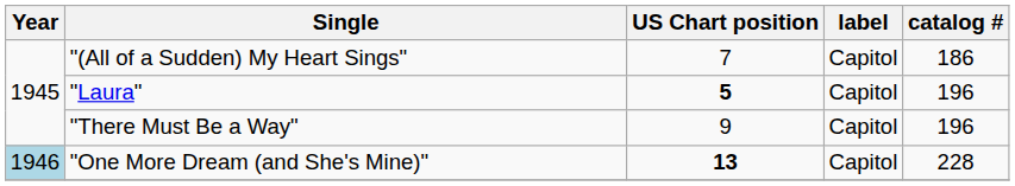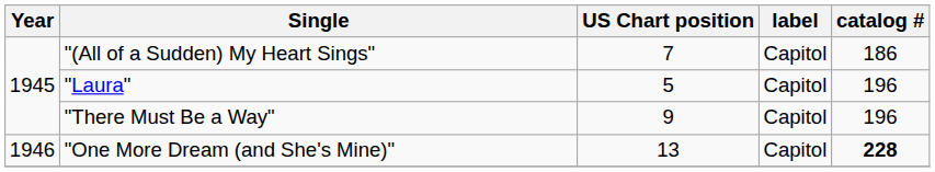 <table class="wikitable" style="text-align:center;">
 <tr>
 <th rowspan="1">Year</th>
 <th width="400">Single</th>
 <th>US Chart position</th>
 <th>label</th>
 <th>catalog #</th>
 </tr>
 <tr>
 <td rowspan="3">1945</td>
 <td align="left">"(All of a Sudden) My Heart Sings"</td>
 <td>7</td>
 <td>Capitol</td>
 <td>186 </td>
 </tr>
 <tr>
 <td align="left">"<a href='#'>Laura</a>"</td>
-<td><strong>5</strong></td>
+<td>5</td>
 <td>Capitol</td>
 <td>196</td>
 </tr>
 <tr>
 <td align="left">"There Must Be a Way"</td>
 <td>9</td>
 <td>Capitol</td>
 <td>196</td>
 </tr>
 <tr>
-<td rowspan="1" style="background: lightblue;">1946</td>
+<td rowspan="1">1946</td>
 <td align="left">"One More Dream (and She's Mine)"</td>
-<td><strong>13</strong></td>
+<td>13</td>
 <td>Capitol</td>
-<td>228</td>
+<td><strong>228</strong></td>
 </tr>
 <tr>
 </tr>
 </table>
